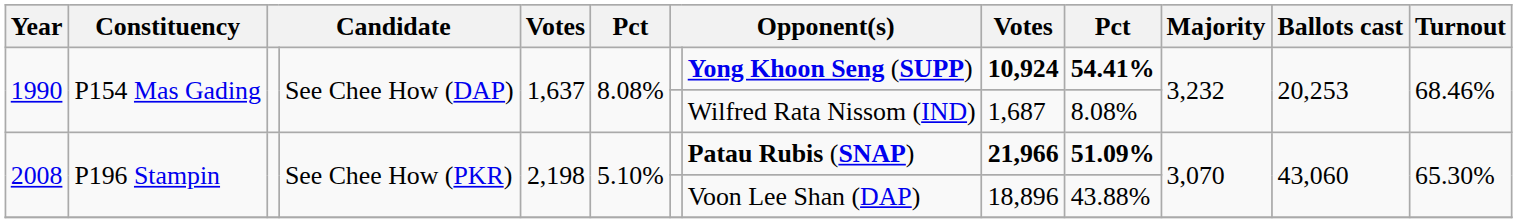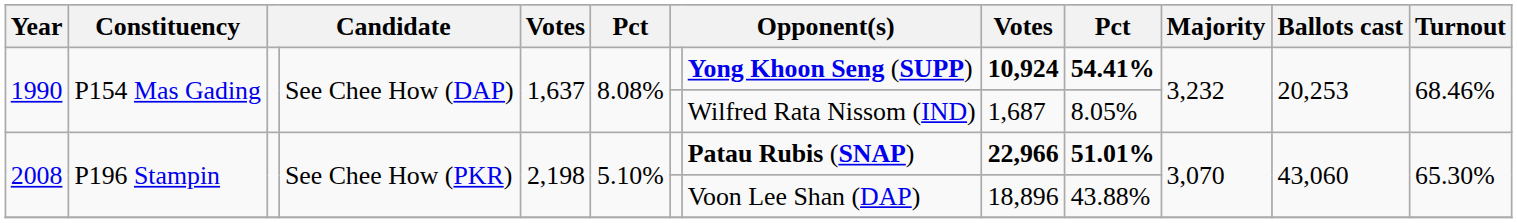 <table class="wikitable" style="margin:0.5em ; font-size:95%">
 <tr>
 <th>Year</th>
 <th>Constituency</th>
 <th colspan=2>Candidate</th>
 <th>Votes</th>
 <th>Pct</th>
 <th colspan=2>Opponent(s)</th>
 <th>Votes</th>
 <th>Pct</th>
 <th>Majority</th>
 <th>Ballots cast</th>
 <th>Turnout</th>
 </tr>
 <tr>
 <td rowspan=2><a href='#'>1990</a></td>
 <td rowspan=2>P154 <a href='#'>Mas Gading</a></td>
 <td rowspan=2 ></td>
 <td rowspan=2>See Chee How (<a href='#'>DAP</a>)</td>
 <td rowspan=2 align="right">1,637</td>
 <td rowspan=2>8.08%</td>
 <td></td>
 <td><strong><a href='#'>Yong Khoon Seng</a></strong> (<a href='#'><strong>SUPP</strong></a>)</td>
 <td align="right"><strong>10,924</strong></td>
 <td><strong>54.41%</strong></td>
 <td rowspan=2>3,232</td>
 <td rowspan=2>20,253</td>
 <td rowspan=2>68.46%</td>
 </tr>
 <tr>
 <td></td>
 <td>Wilfred Rata Nissom (<a href='#'>IND</a>)</td>
 <td>1,687</td>
-<td>8.08%</td>
+<td>8.05%</td>
 </tr>
 <tr>
 <td rowspan="2"><a href='#'>2008</a></td>
 <td rowspan="2">P196 <a href='#'>Stampin</a></td>
 <td rowspan="2" ></td>
 <td rowspan="2">See Chee How (<a href='#'>PKR</a>)</td>
 <td rowspan="2" align="right">2,198</td>
 <td rowspan="2">5.10%</td>
 <td></td>
 <td><strong>Patau Rubis</strong> (<a href='#'><strong>SNAP</strong></a>)</td>
-<td align="right"><strong>21,966</strong></td>
-<td><strong>51.09%</strong></td>
+<td align="right"><strong>22,966</strong></td>
+<td><strong>51.01%</strong></td>
 <td rowspan="2">3,070</td>
 <td rowspan="2">43,060</td>
 <td rowspan="2">65.30%</td>
 </tr>
 <tr>
 <td></td>
 <td>Voon Lee Shan (<a href='#'>DAP</a>)</td>
 <td align="right">18,896</td>
 <td>43.88%</td>
 </tr>
 <tr>
 </tr>
 </table>
